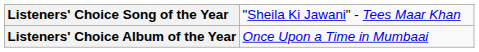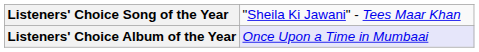 <table class="wikitable">
 <tr>
 <th style="text-align: left; width:50%;">Listeners' Choice Song of the Year</th>
 <td>"<a href='#'>Sheila Ki Jawani</a>" - <em><a href='#'>Tees Maar Khan</a></em></td>
 </tr>
 <tr>
 <th style="text-align: left;">Listeners' Choice Album of the Year</th>
-<td><em><a href='#'>Once Upon a Time in Mumbaai</a></em></td>
+<td style="background: lavender;"><em><a href='#'>Once Upon a Time in Mumbaai</a></em></td>
 </tr>
 </table>
